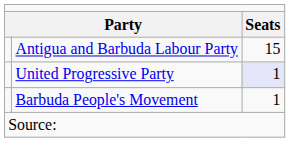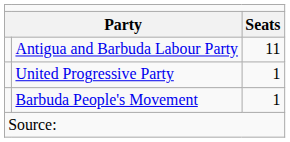 <table class="wikitable" style="text-align:right">
 <tr>
 <td colspan="7"></td>
 </tr>
 <tr>
 <th colspan="2">Party</th>
 <th>Seats</th>
 </tr>
 <tr>
 <td></td>
 <td align="left"><a href='#'>Antigua and Barbuda Labour Party</a></td>
-<td>15</td>
+<td>11</td>
 </tr>
 <tr>
 <td></td>
 <td align="left"><a href='#'>United Progressive Party</a></td>
-<td style="background: lavender;">1</td>
+<td>1</td>
 </tr>
 <tr>
 <td></td>
 <td align="left"><a href='#'>Barbuda People's Movement</a></td>
 <td>1</td>
 </tr>
 <tr>
 <td style="text-align:left" colspan="3">Source:</td>
 </tr>
 </table>
